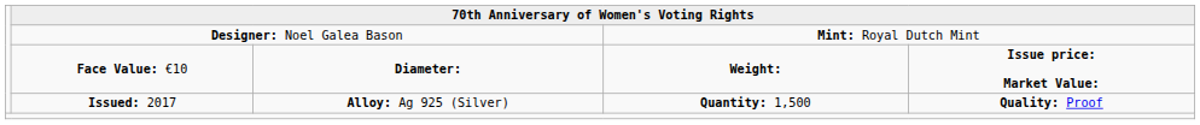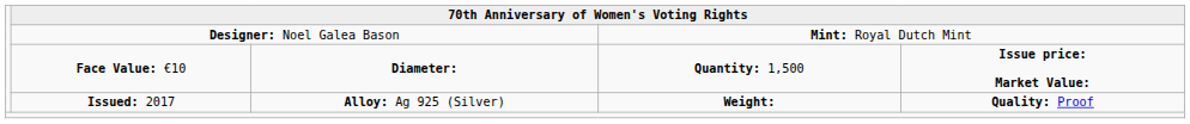 <table class="wikitable" width=100%>
 <tr>
 <td rowspan=4 width="330px" nowrap align=center></td>
 <th colspan="4" align=center style="background:#eeeeee;">70th Anniversary of Women's Voting Rights</th>
 </tr>
 <tr>
 <td colspan="2" width="50%" align=center><strong>Designer:</strong> Noel Galea Bason</td>
 <td colspan="2" width="50%" align=center><strong>Mint:</strong> Royal Dutch Mint</td>
 </tr>
 <tr>
 <td align=center><strong>Face Value:</strong> €10</td>
 <td align=center><strong>Diameter:</strong> </td>
-<td align=center><strong>Weight:</strong> </td>
+<td align=center><strong>Quantity:</strong> 1,500</td>
 <td align=center><strong>Issue price:</strong><br><br> <strong>Market Value:</strong></td>
 </tr>
 <tr>
 <td align=center><strong>Issued:</strong> 2017</td>
 <td align=center><strong>Alloy:</strong> Ag 925 (Silver)</td>
-<td align=center><strong>Quantity:</strong> 1,500</td>
+<td align=center><strong>Weight:</strong> </td>
 <td align=center><strong>Quality:</strong> <a href='#'>Proof</a></td>
 </tr>
 <tr>
 <td colspan="5" align=left></td>
 </tr>
 </table>
